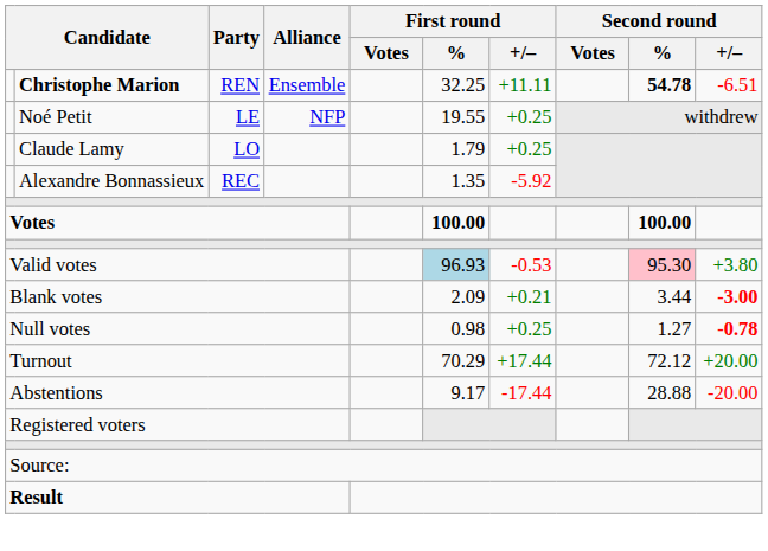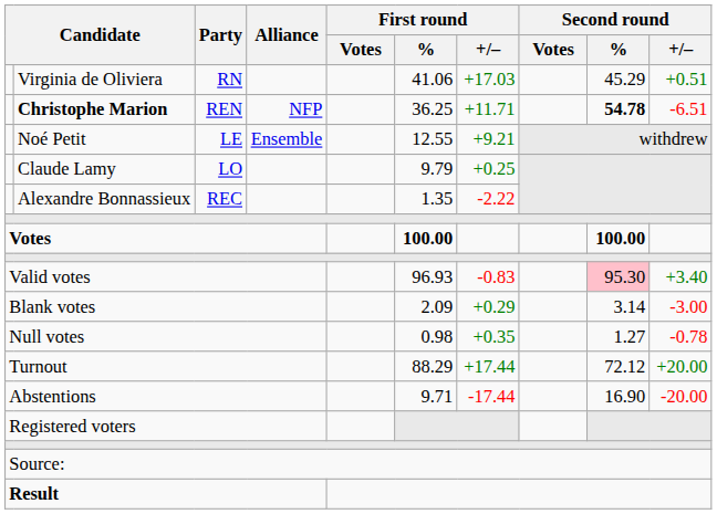 <table class="wikitable" style="text-align:right;font-size:95%;">
 <tr>
 <th rowspan="2" colspan="2">Candidate</th>
 <th colspan="1" rowspan="2">Party</th>
 <th colspan="1" rowspan="2">Alliance</th>
 <th colspan="3">First round</th>
 <th colspan="3">Second round</th>
 </tr>
 <tr>
 <th style="width:50px;">Votes</th>
 <th style="width:45px;">%</th>
 <th style="width:45px;">+/–</th>
 <th style="width:50px;">Votes</th>
 <th style="width:45px;">%</th>
 <th style="width:45px;">+/–</th>
 </tr>
 <tr>
 <td style="color:inherit;background:"></td>
+<td style="text-align:left;">Virginia de Oliviera</td>
+<td><a href='#'>RN</a></td>
+<td></td>
+<td></td>
+<td>41.06</td>
+<td style="color:green;">+17.03</td>
+<td></td>
+<td>45.29</td>
+<td style="color:green;">+0.51</td>
+</tr>
+<tr>
+<td style="color:inherit;background:"></td>
 <td style="text-align:left;"><strong>Christophe Marion</strong></td>
 <td><a href='#'>REN</a></td>
-<td><a href='#'>Ensemble</a></td>
+<td><a href='#'>NFP</a></td>
 <td></td>
-<td>32.25</td>
-<td style="color:green;">+11.11</td>
+<td>36.25</td>
+<td style="color:green;">+11.71</td>
 <td><strong></strong></td>
 <td><strong>54.78</strong></td>
 <td style="color:red;">-6.51</td>
 </tr>
 <tr>
 <td style="color:inherit;background:"></td>
 <td style="text-align:left;">Noé Petit</td>
 <td><a href='#'>LE</a></td>
-<td><a href='#'>NFP</a></td>
+<td><a href='#'>Ensemble</a></td>
 <td></td>
-<td>19.55</td>
-<td style="color:green;">+0.25</td>
+<td>12.55</td>
+<td style="color:green;">+9.21</td>
 <td colspan="3" style="background:#E9E9E9;">withdrew</td>
 </tr>
 <tr>
 <td style="color:inherit;background:"></td>
 <td style="text-align:left;">Claude Lamy</td>
 <td><a href='#'>LO</a></td>
 <td></td>
 <td></td>
-<td>1.79</td>
+<td>9.79</td>
 <td style="color:green;">+0.25</td>
 <td colspan="3" rowspan="2" style="background:#E9E9E9;"></td>
 </tr>
 <tr>
 <td style="color:inherit;background:"></td>
 <td style="text-align:left;">Alexandre Bonnassieux</td>
 <td><a href='#'>REC</a></td>
 <td></td>
 <td></td>
 <td>1.35</td>
-<td style="color:red;">-5.92</td>
+<td style="color:red;">-2.22</td>
 </tr>
 <tr>
 <td colspan="10" style="background:#E9E9E9;"></td>
 </tr>
 <tr style="font-weight:bold;">
 <td colspan="4" style="text-align:left;">Votes</td>
 <td></td>
 <td>100.00</td>
 <td></td>
 <td></td>
 <td>100.00</td>
 <td></td>
 </tr>
 <tr>
 <td colspan="10" style="background:#E9E9E9;"></td>
 </tr>
 <tr>
 <td colspan="4" style="text-align:left;">Valid votes</td>
 <td></td>
-<td style="background: lightblue;">96.93</td>
-<td style="color:red;">-0.53</td>
+<td>96.93</td>
+<td style="color:red;">-0.83</td>
 <td></td>
 <td style="background: pink;">95.30</td>
-<td style="color:green;">+3.80</td>
+<td style="color:green;">+3.40</td>
 </tr>
 <tr>
 <td colspan="4" style="text-align:left;">Blank votes</td>
 <td></td>
 <td>2.09</td>
-<td style="color:green;">+0.21</td>
+<td style="color:green;">+0.29</td>
 <td></td>
-<td>3.44</td>
-<td style="color:red;"><strong>-3.00</strong></td>
+<td>3.14</td>
+<td style="color:red;">-3.00</td>
 </tr>
 <tr>
 <td colspan="4" style="text-align:left;">Null votes</td>
 <td></td>
 <td>0.98</td>
-<td style="color:green;">+0.25</td>
+<td style="color:green;">+0.35</td>
 <td></td>
 <td>1.27</td>
-<td style="color:red;"><strong>-0.78</strong></td>
+<td style="color:red;">-0.78</td>
 </tr>
 <tr>
 <td colspan="4" style="text-align:left;">Turnout</td>
 <td></td>
-<td>70.29</td>
+<td>88.29</td>
 <td style="color:green;">+17.44</td>
 <td></td>
 <td>72.12</td>
 <td style="color:green;">+20.00</td>
 </tr>
 <tr>
 <td colspan="4" style="text-align:left;">Abstentions</td>
 <td></td>
-<td>9.17</td>
+<td>9.71</td>
 <td style="color:red;">-17.44</td>
 <td></td>
-<td>28.88</td>
+<td>16.90</td>
 <td style="color:red;">-20.00</td>
 </tr>
 <tr>
 <td colspan="4" style="text-align:left;">Registered voters</td>
 <td></td>
 <td colspan="2" style="background:#E9E9E9;"></td>
 <td></td>
 <td colspan="2" style="background:#E9E9E9;"></td>
 </tr>
 <tr>
 <td colspan="10" style="background:#E9E9E9;"></td>
 </tr>
 <tr>
 <td colspan="10" style="text-align:left;">Source: </td>
 </tr>
 <tr style="font-weight:bold">
 <td colspan="4" style="text-align:left;">Result</td>
 <td colspan="6" style="background-color:"></td>
 </tr>
 </table>
